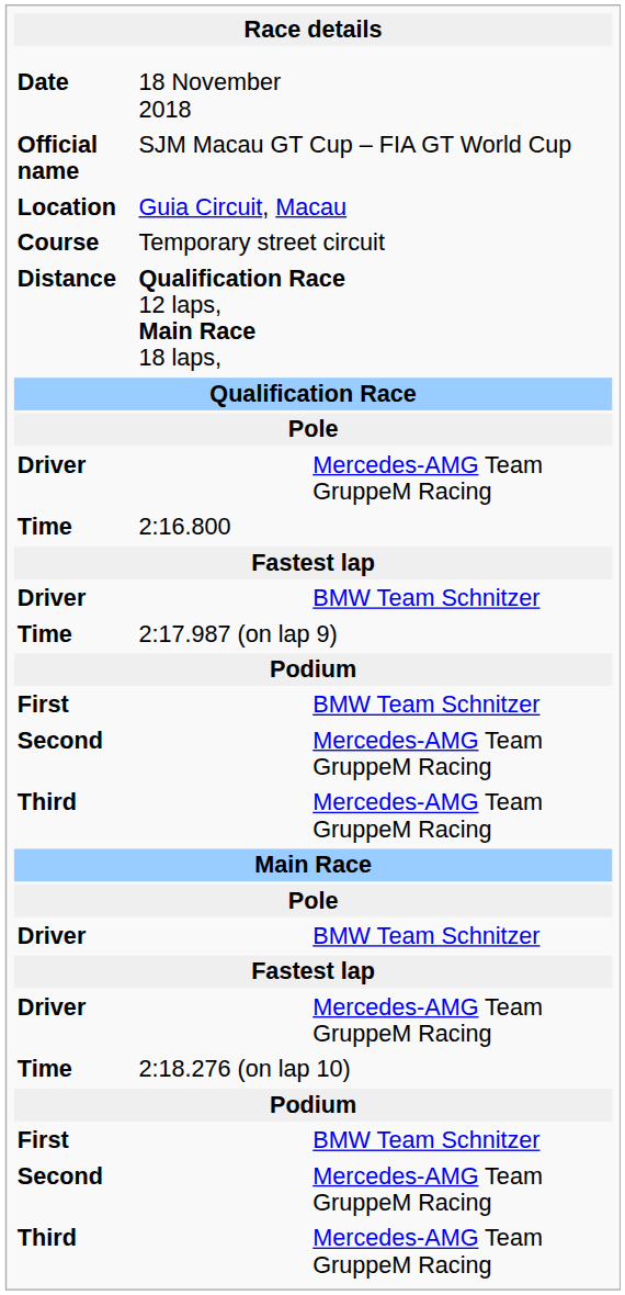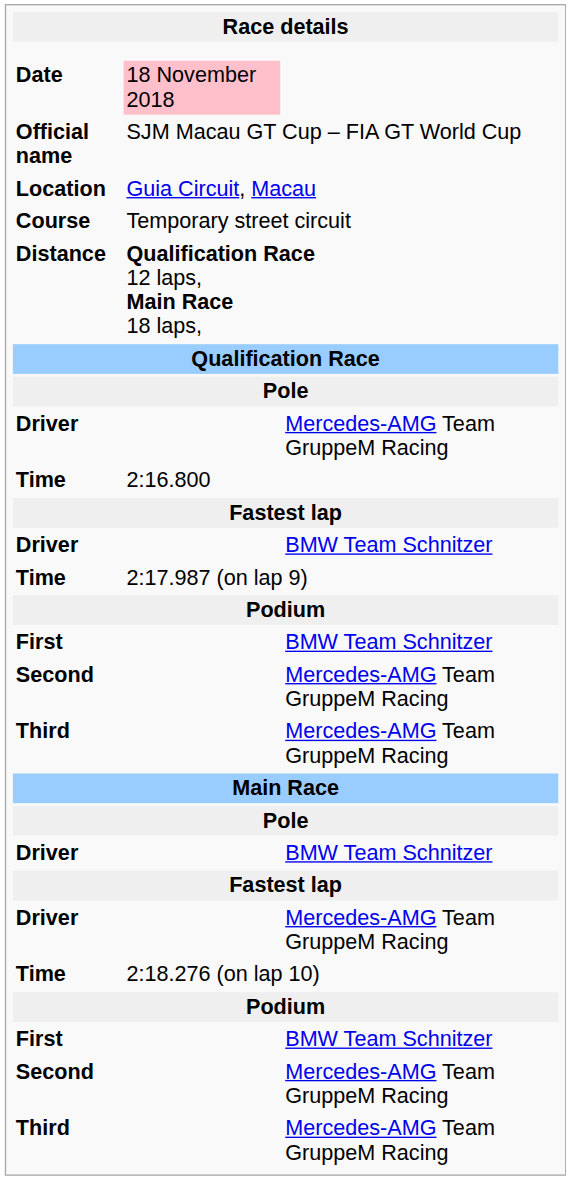 <table class="infobox" align="right" cellpadding="2" style="float:right; width: 26em; ">
 <tr>
 <th colspan="3" bgcolor="#efefef">Race details</th>
 </tr>
 <tr>
 <td colspan="3" style="text-align:center;"></td>
 </tr>
 <tr>
 <td colspan="3" style="text-align:center;"></td>
 </tr>
 <tr>
 <td style="width: 20%;"><strong>Date</strong></td>
-<td>18 November 2018</td>
+<td style="background: pink;">18 November 2018</td>
 </tr>
 <tr>
 <td><strong>Official name</strong></td>
 <td colspan=2>SJM Macau GT Cup – FIA GT World Cup</td>
 </tr>
 <tr>
 <td><strong>Location</strong></td>
 <td colspan=2><a href='#'>Guia Circuit</a>, <a href='#'>Macau</a></td>
 </tr>
 <tr>
 <td><strong>Course</strong></td>
 <td colspan=2>Temporary street circuit<br></td>
 </tr>
 <tr>
 <td><strong>Distance</strong></td>
 <td colspan=2><strong>Qualification Race</strong><br>12 laps, <br><strong>Main Race</strong><br>18 laps, </td>
 </tr>
 <tr>
 <td colspan=3 style="text-align:center; background-color:#99ccff"><strong>Qualification Race</strong></td>
 </tr>
 <tr>
 <th colspan=3 bgcolor="#efefef">Pole</th>
 </tr>
 <tr>
 <td><strong>Driver</strong></td>
 <td></td>
 <td><a href='#'>Mercedes-AMG</a> Team GruppeM Racing</td>
 </tr>
 <tr>
 <td><strong>Time</strong></td>
 <td colspan=2>2:16.800</td>
 </tr>
 <tr>
 <th colspan=3 bgcolor="#efefef">Fastest lap</th>
 </tr>
 <tr>
 <td><strong>Driver</strong></td>
 <td></td>
 <td><a href='#'>BMW Team Schnitzer</a></td>
 </tr>
 <tr>
 <td><strong>Time</strong></td>
 <td colspan=2>2:17.987 (on lap 9)</td>
 </tr>
 <tr>
 <th colspan=3 bgcolor="#efefef">Podium</th>
 </tr>
 <tr>
 <td><strong>First</strong></td>
 <td></td>
 <td><a href='#'>BMW Team Schnitzer</a></td>
 </tr>
 <tr>
 <td><strong>Second</strong></td>
 <td></td>
 <td><a href='#'>Mercedes-AMG</a> Team GruppeM Racing</td>
 </tr>
 <tr>
 <td><strong>Third</strong></td>
 <td></td>
 <td><a href='#'>Mercedes-AMG</a> Team GruppeM Racing</td>
 </tr>
 <tr>
 <td colspan=3 style="text-align:center; background-color:#99ccff"><strong>Main Race</strong></td>
 </tr>
 <tr>
 <th colspan=3 bgcolor="#efefef">Pole</th>
 </tr>
 <tr>
 <td><strong>Driver</strong></td>
 <td></td>
 <td><a href='#'>BMW Team Schnitzer</a></td>
 </tr>
 <tr>
 <th colspan=3 bgcolor="#efefef">Fastest lap</th>
 </tr>
 <tr>
 <td><strong>Driver</strong></td>
 <td></td>
 <td><a href='#'>Mercedes-AMG</a> Team GruppeM Racing</td>
 </tr>
 <tr>
 <td><strong>Time</strong></td>
 <td colspan=2>2:18.276 (on lap 10)</td>
 </tr>
 <tr>
 <th colspan=3 bgcolor="#efefef">Podium</th>
 </tr>
 <tr>
 <td><strong>First</strong></td>
 <td></td>
 <td><a href='#'>BMW Team Schnitzer</a></td>
 </tr>
 <tr>
 <td><strong>Second</strong></td>
 <td></td>
 <td><a href='#'>Mercedes-AMG</a> Team GruppeM Racing</td>
 </tr>
 <tr>
 <td><strong>Third</strong></td>
 <td></td>
 <td><a href='#'>Mercedes-AMG</a> Team GruppeM Racing</td>
 </tr>
 </table>
